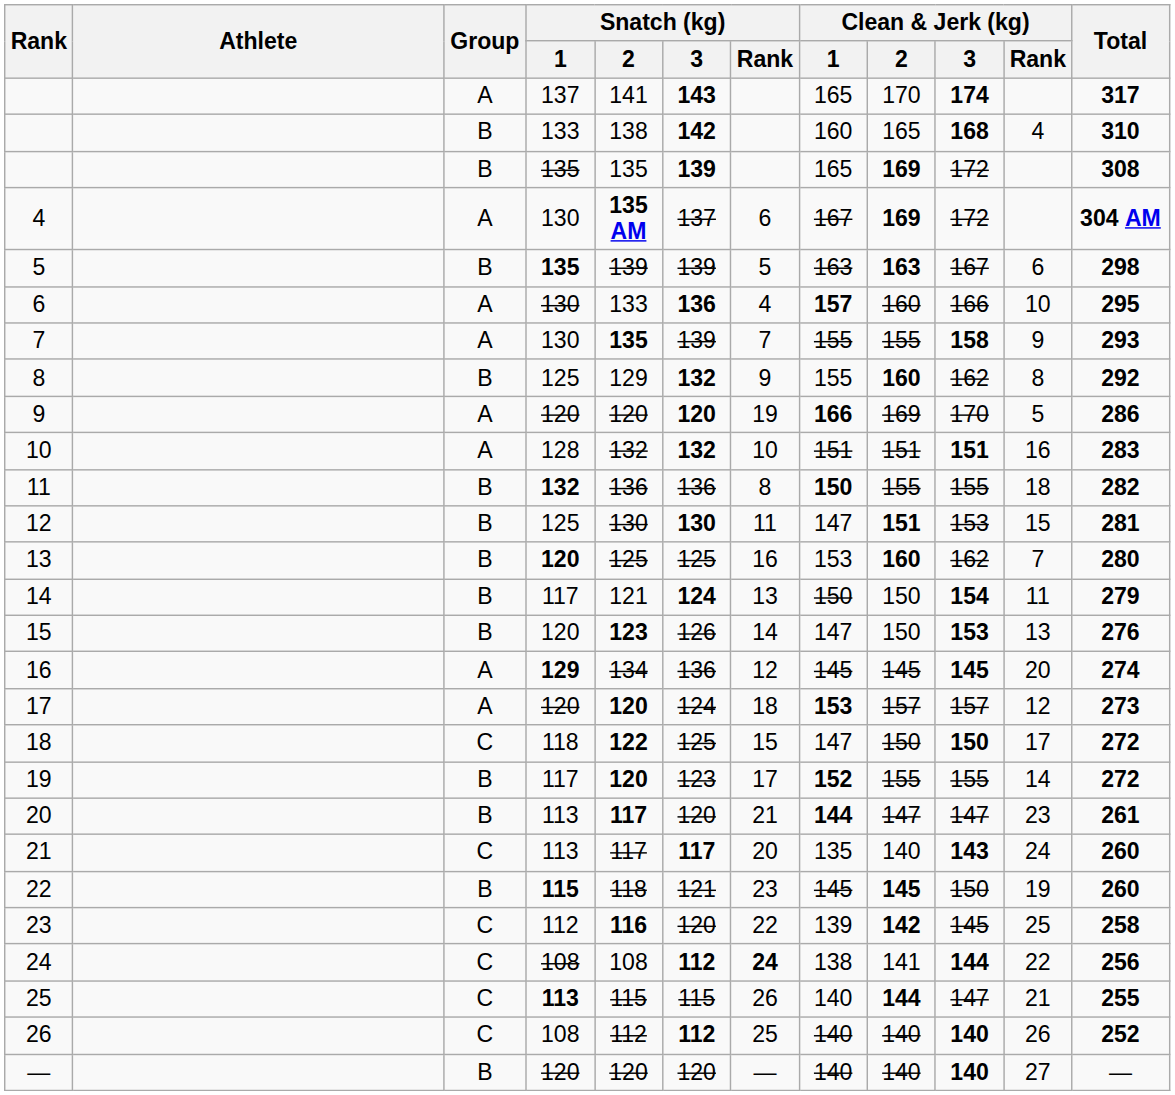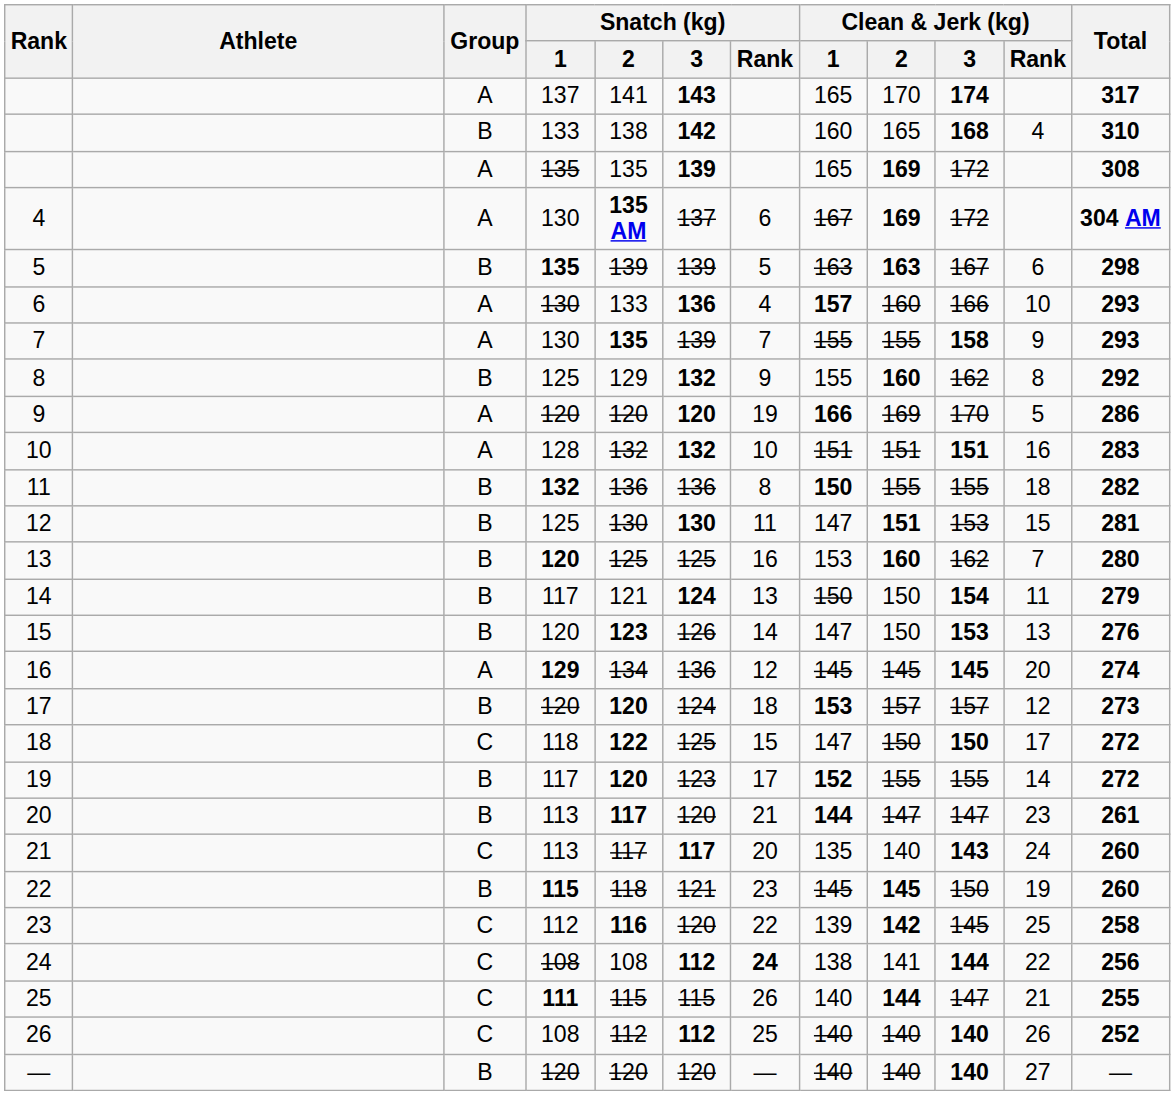 <table class = "wikitable" style="text-align:center;">
 <tr>
 <th rowspan=2 width=40>Rank</th>
 <th rowspan=2 width=250>Athlete</th>
 <th rowspan=2 width=50>Group</th>
 <th colspan=4>Snatch (kg)</th>
 <th colspan=4>Clean & Jerk (kg)</th>
 <th rowspan=2 width=60>Total</th>
 </tr>
 <tr>
 <th width=40>1</th>
 <th width=40>2</th>
 <th width=40>3</th>
 <th width=40>Rank</th>
 <th width=40>1</th>
 <th width=40>2</th>
 <th width=40>3</th>
 <th width=40>Rank</th>
 </tr>
 <tr>
 <td></td>
 <td align=left></td>
 <td>A</td>
 <td>137</td>
 <td>141</td>
 <td><strong>143</strong></td>
 <td></td>
 <td>165</td>
 <td>170</td>
 <td><strong>174</strong></td>
 <td></td>
 <td><strong>317</strong></td>
 </tr>
 <tr>
 <td></td>
 <td align=left></td>
 <td>B</td>
 <td>133</td>
 <td>138</td>
 <td><strong>142</strong></td>
 <td></td>
 <td>160</td>
 <td>165</td>
 <td><strong>168</strong></td>
 <td>4</td>
 <td><strong>310</strong></td>
 </tr>
 <tr>
 <td></td>
 <td align=left></td>
-<td>B</td>
+<td>A</td>
 <td><s>135 </s></td>
 <td>135</td>
 <td><strong>139</strong></td>
 <td></td>
 <td>165</td>
 <td><strong>169</strong></td>
 <td><s>172 </s></td>
 <td></td>
 <td><strong>308</strong></td>
 </tr>
 <tr>
 <td>4</td>
 <td align=left></td>
 <td>A</td>
 <td>130</td>
 <td><strong>135</strong> <strong><a href='#'>AM</a></strong></td>
 <td><s>137 </s></td>
 <td>6</td>
 <td><s>167 </s></td>
 <td><strong>169</strong></td>
 <td><s>172 </s></td>
 <td></td>
 <td><strong>304</strong> <strong><a href='#'>AM</a></strong></td>
 </tr>
 <tr>
 <td>5</td>
 <td align=left></td>
 <td>B</td>
 <td><strong>135</strong></td>
 <td><s>139 </s></td>
 <td><s>139 </s></td>
 <td>5</td>
 <td><s>163 </s></td>
 <td><strong>163</strong></td>
 <td><s>167 </s></td>
 <td>6</td>
 <td><strong>298</strong></td>
 </tr>
 <tr>
 <td>6</td>
 <td align=left></td>
 <td>A</td>
 <td><s>130 </s></td>
 <td>133</td>
 <td><strong>136</strong></td>
 <td>4</td>
 <td><strong>157</strong></td>
 <td><s>160 </s></td>
 <td><s>166 </s></td>
 <td>10</td>
-<td><strong>295</strong></td>
+<td><strong>293</strong></td>
 </tr>
 <tr>
 <td>7</td>
 <td align=left></td>
 <td>A</td>
 <td>130</td>
 <td><strong>135</strong></td>
 <td><s>139 </s></td>
 <td>7</td>
 <td><s>155 </s></td>
 <td><s>155 </s></td>
 <td><strong>158</strong></td>
 <td>9</td>
 <td><strong>293</strong></td>
 </tr>
 <tr>
 <td>8</td>
 <td align=left></td>
 <td>B</td>
 <td>125</td>
 <td>129</td>
 <td><strong>132</strong></td>
 <td>9</td>
 <td>155</td>
 <td><strong>160</strong></td>
 <td><s>162 </s></td>
 <td>8</td>
 <td><strong>292</strong></td>
 </tr>
 <tr>
 <td>9</td>
 <td align=left></td>
 <td>A</td>
 <td><s>120 </s></td>
 <td><s>120 </s></td>
 <td><strong>120</strong></td>
 <td>19</td>
 <td><strong>166</strong></td>
 <td><s>169 </s></td>
 <td><s>170 </s></td>
 <td>5</td>
 <td><strong>286</strong></td>
 </tr>
 <tr>
 <td>10</td>
 <td align=left></td>
 <td>A</td>
 <td>128</td>
 <td><s>132 </s></td>
 <td><strong>132</strong></td>
 <td>10</td>
 <td><s>151 </s></td>
 <td><s>151 </s></td>
 <td><strong>151</strong></td>
 <td>16</td>
 <td><strong>283</strong></td>
 </tr>
 <tr>
 <td>11</td>
 <td align=left></td>
 <td>B</td>
 <td><strong>132</strong></td>
 <td><s>136 </s></td>
 <td><s>136 </s></td>
 <td>8</td>
 <td><strong>150</strong></td>
 <td><s>155 </s></td>
 <td><s>155 </s></td>
 <td>18</td>
 <td><strong>282</strong></td>
 </tr>
 <tr>
 <td>12</td>
 <td align=left></td>
 <td>B</td>
 <td>125</td>
 <td><s>130 </s></td>
 <td><strong>130</strong></td>
 <td>11</td>
 <td>147</td>
 <td><strong>151</strong></td>
 <td><s>153 </s></td>
 <td>15</td>
 <td><strong>281</strong></td>
 </tr>
 <tr>
 <td>13</td>
 <td align=left></td>
 <td>B</td>
 <td><strong>120</strong></td>
 <td><s>125 </s></td>
 <td><s>125 </s></td>
 <td>16</td>
 <td>153</td>
 <td><strong>160</strong></td>
 <td><s>162 </s></td>
 <td>7</td>
 <td><strong>280</strong></td>
 </tr>
 <tr>
 <td>14</td>
 <td align=left></td>
 <td>B</td>
 <td>117</td>
 <td>121</td>
 <td><strong>124</strong></td>
 <td>13</td>
 <td><s>150 </s></td>
 <td>150</td>
 <td><strong>154</strong></td>
 <td>11</td>
 <td><strong>279</strong></td>
 </tr>
 <tr>
 <td>15</td>
 <td align=left></td>
 <td>B</td>
 <td>120</td>
 <td><strong>123</strong></td>
 <td><s>126 </s></td>
 <td>14</td>
 <td>147</td>
 <td>150</td>
 <td><strong>153</strong></td>
 <td>13</td>
 <td><strong>276</strong></td>
 </tr>
 <tr>
 <td>16</td>
 <td align=left></td>
 <td>A</td>
 <td><strong>129</strong></td>
 <td><s>134 </s></td>
 <td><s>136 </s></td>
 <td>12</td>
 <td><s>145 </s></td>
 <td><s>145 </s></td>
 <td><strong>145</strong></td>
 <td>20</td>
 <td><strong>274</strong></td>
 </tr>
 <tr>
 <td>17</td>
 <td align=left></td>
-<td>A</td>
+<td>B</td>
 <td><s>120 </s></td>
 <td><strong>120</strong></td>
 <td><s>124 </s></td>
 <td>18</td>
 <td><strong>153</strong></td>
 <td><s>157 </s></td>
 <td><s>157 </s></td>
 <td>12</td>
 <td><strong>273</strong></td>
 </tr>
 <tr>
 <td>18</td>
 <td align=left></td>
 <td>C</td>
 <td>118</td>
 <td><strong>122</strong></td>
 <td><s>125 </s></td>
 <td>15</td>
 <td>147</td>
 <td><s>150 </s></td>
 <td><strong>150</strong></td>
 <td>17</td>
 <td><strong>272</strong></td>
 </tr>
 <tr>
 <td>19</td>
 <td align=left></td>
 <td>B</td>
 <td>117</td>
 <td><strong>120</strong></td>
 <td><s>123 </s></td>
 <td>17</td>
 <td><strong>152</strong></td>
 <td><s>155 </s></td>
 <td><s>155 </s></td>
 <td>14</td>
 <td><strong>272</strong></td>
 </tr>
 <tr>
 <td>20</td>
 <td align=left></td>
 <td>B</td>
 <td>113</td>
 <td><strong>117</strong></td>
 <td><s>120 </s></td>
 <td>21</td>
 <td><strong>144</strong></td>
 <td><s>147 </s></td>
 <td><s>147 </s></td>
 <td>23</td>
 <td><strong>261</strong></td>
 </tr>
 <tr>
 <td>21</td>
 <td align=left></td>
 <td>C</td>
 <td>113</td>
 <td><s>117 </s></td>
 <td><strong>117</strong></td>
 <td>20</td>
 <td>135</td>
 <td>140</td>
 <td><strong>143</strong></td>
 <td>24</td>
 <td><strong>260</strong></td>
 </tr>
 <tr>
 <td>22</td>
 <td align=left></td>
 <td>B</td>
 <td><strong>115</strong></td>
 <td><s>118 </s></td>
 <td><s>121 </s></td>
 <td>23</td>
 <td><s>145 </s></td>
 <td><strong>145</strong></td>
 <td><s>150 </s></td>
 <td>19</td>
 <td><strong>260</strong></td>
 </tr>
 <tr>
 <td>23</td>
 <td align=left></td>
 <td>C</td>
 <td>112</td>
 <td><strong>116</strong></td>
 <td><s>120 </s></td>
 <td>22</td>
 <td>139</td>
 <td><strong>142</strong></td>
 <td><s>145 </s></td>
 <td>25</td>
 <td><strong>258</strong></td>
 </tr>
 <tr>
 <td>24</td>
 <td align=left></td>
 <td>C</td>
 <td><s>108 </s></td>
 <td>108</td>
 <td><strong>112</strong></td>
 <td><strong>24</strong></td>
 <td>138</td>
 <td>141</td>
 <td><strong>144</strong></td>
 <td>22</td>
 <td><strong>256</strong></td>
 </tr>
 <tr>
 <td>25</td>
 <td align=left></td>
 <td>C</td>
-<td><strong>113</strong></td>
+<td><strong>111</strong></td>
 <td><s>115 </s></td>
 <td><s>115 </s></td>
 <td>26</td>
 <td>140</td>
 <td><strong>144</strong></td>
 <td><s>147 </s></td>
 <td>21</td>
 <td><strong>255</strong></td>
 </tr>
 <tr>
 <td>26</td>
 <td align=left></td>
 <td>C</td>
 <td>108</td>
 <td><s>112 </s></td>
 <td><strong>112</strong></td>
 <td>25</td>
 <td><s>140 </s></td>
 <td><s>140 </s></td>
 <td><strong>140</strong></td>
 <td>26</td>
 <td><strong>252</strong></td>
 </tr>
 <tr>
 <td>—</td>
 <td align=left></td>
 <td>B</td>
 <td><s>120 </s></td>
 <td><s>120 </s></td>
 <td><s>120 </s></td>
 <td>—</td>
 <td><s>140 </s></td>
 <td><s>140 </s></td>
 <td><strong>140</strong></td>
 <td>27</td>
 <td>—</td>
 </tr>
 </table>
